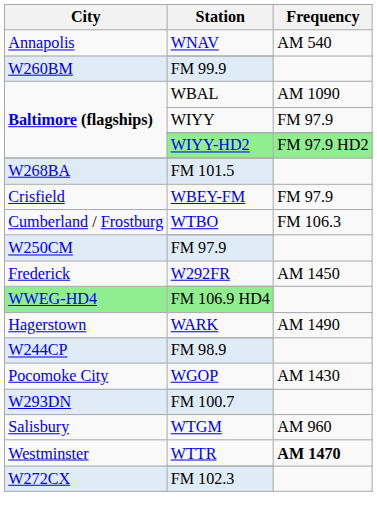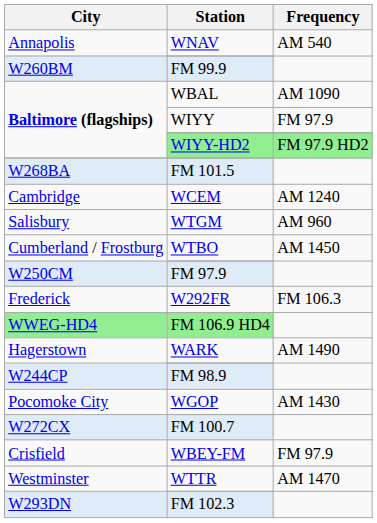 <table class="wikitable sortable">
 <tr>
 <th>City</th>
 <th>Station</th>
 <th>Frequency</th>
 </tr>
 <tr>
 <td rowspan=2><a href='#'>Annapolis</a></td>
 <td><a href='#'>WNAV</a></td>
 <td>AM 540</td>
 </tr>
 <tr>
 </tr>
 <tr style="background-color:#DFEBF6;">
 <td><a href='#'>W260BM</a></td>
 <td>FM 99.9</td>
 </tr>
 <tr>
 <td rowspan=4><strong><a href='#'>Baltimore</a> (flagships)</strong></td>
 <td>WBAL</td>
 <td>AM 1090</td>
 </tr>
 <tr>
 <td>WIYY</td>
 <td>FM 97.9</td>
 </tr>
 <tr>
 </tr>
 <tr style="background-color:#90EE90;">
 <td><a href='#'>WIYY-HD2</a></td>
 <td>FM 97.9 HD2</td>
 </tr>
 <tr>
 </tr>
 <tr style="background-color:#DFEBF6;">
 <td><a href='#'>W268BA</a></td>
 <td>FM 101.5</td>
 </tr>
 <tr>
-<td><a href='#'>Crisfield</a></td>
-<td><a href='#'>WBEY-FM</a></td>
-<td>FM 97.9</td>
+<td><a href='#'>Cambridge</a></td>
+<td><a href='#'>WCEM</a></td>
+<td>AM 1240</td>
+</tr>
+<tr>
+<td><a href='#'>Salisbury</a></td>
+<td><a href='#'>WTGM</a></td>
+<td>AM 960</td>
 </tr>
 <tr>
 <td rowspan=2><a href='#'>Cumberland</a> / <a href='#'>Frostburg</a></td>
 <td><a href='#'>WTBO</a></td>
-<td>FM 106.3</td>
+<td>AM 1450</td>
 </tr>
 <tr>
 </tr>
 <tr style="background-color:#DFEBF6;">
 <td><a href='#'>W250CM</a></td>
 <td>FM 97.9</td>
 </tr>
 <tr>
 <td rowspan=2><a href='#'>Frederick</a></td>
 <td><a href='#'>W292FR</a></td>
-<td>AM 1450</td>
+<td>FM 106.3</td>
 </tr>
 <tr>
 </tr>
 <tr style="background-color:#90EE90;">
 <td><a href='#'>WWEG-HD4</a></td>
 <td>FM 106.9 HD4</td>
 </tr>
 <tr>
 <td rowspan=2><a href='#'>Hagerstown</a></td>
 <td><a href='#'>WARK</a></td>
 <td>AM 1490</td>
 </tr>
 <tr>
 </tr>
 <tr style="background-color:#DFEBF6;">
 <td><a href='#'>W244CP</a></td>
 <td>FM 98.9</td>
 </tr>
 <tr>
 <td rowspan=2><a href='#'>Pocomoke City</a></td>
 <td><a href='#'>WGOP</a></td>
 <td>AM 1430</td>
 </tr>
 <tr>
 </tr>
 <tr style="background-color:#DFEBF6;">
-<td><a href='#'>W293DN</a></td>
+<td><a href='#'>W272CX</a></td>
 <td>FM 100.7</td>
 </tr>
 <tr>
-<td><a href='#'>Salisbury</a></td>
-<td><a href='#'>WTGM</a></td>
-<td>AM 960</td>
+<td><a href='#'>Crisfield</a></td>
+<td><a href='#'>WBEY-FM</a></td>
+<td>FM 97.9</td>
 </tr>
 <tr>
 <td rowspan=2><a href='#'>Westminster</a></td>
 <td><a href='#'>WTTR</a></td>
-<td><strong>AM 1470</strong></td>
+<td>AM 1470</td>
 </tr>
 <tr>
 </tr>
 <tr style="background-color:#DFEBF6;">
-<td><a href='#'>W272CX</a></td>
+<td><a href='#'>W293DN</a></td>
 <td>FM 102.3</td>
 </tr>
 </table>
